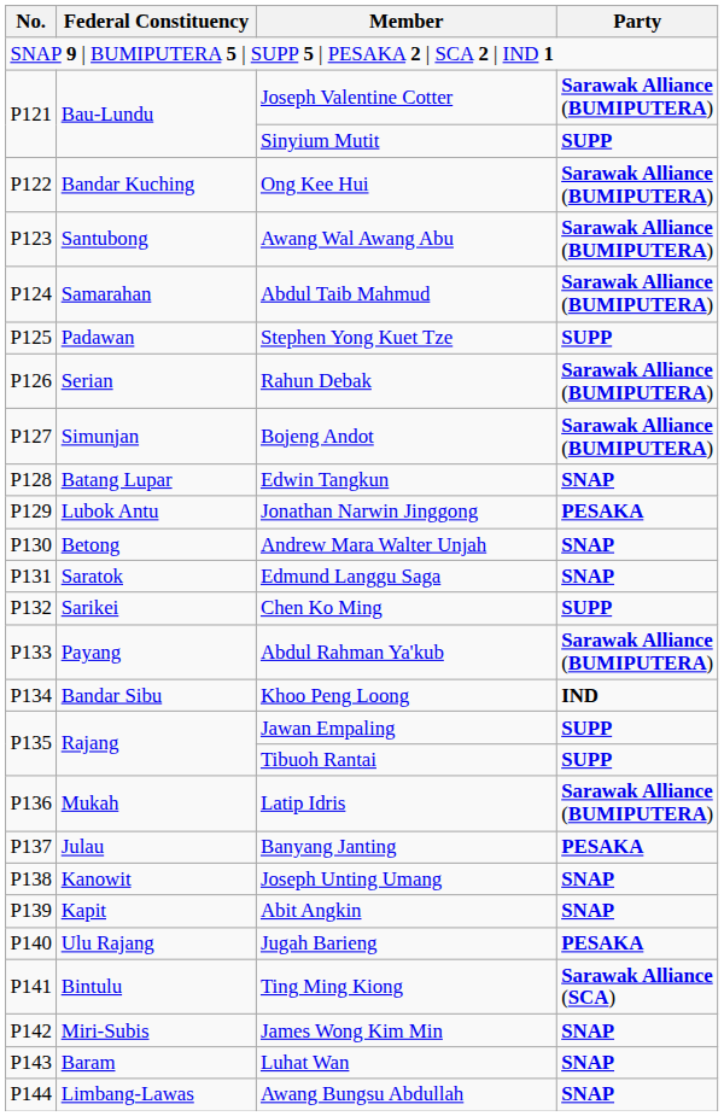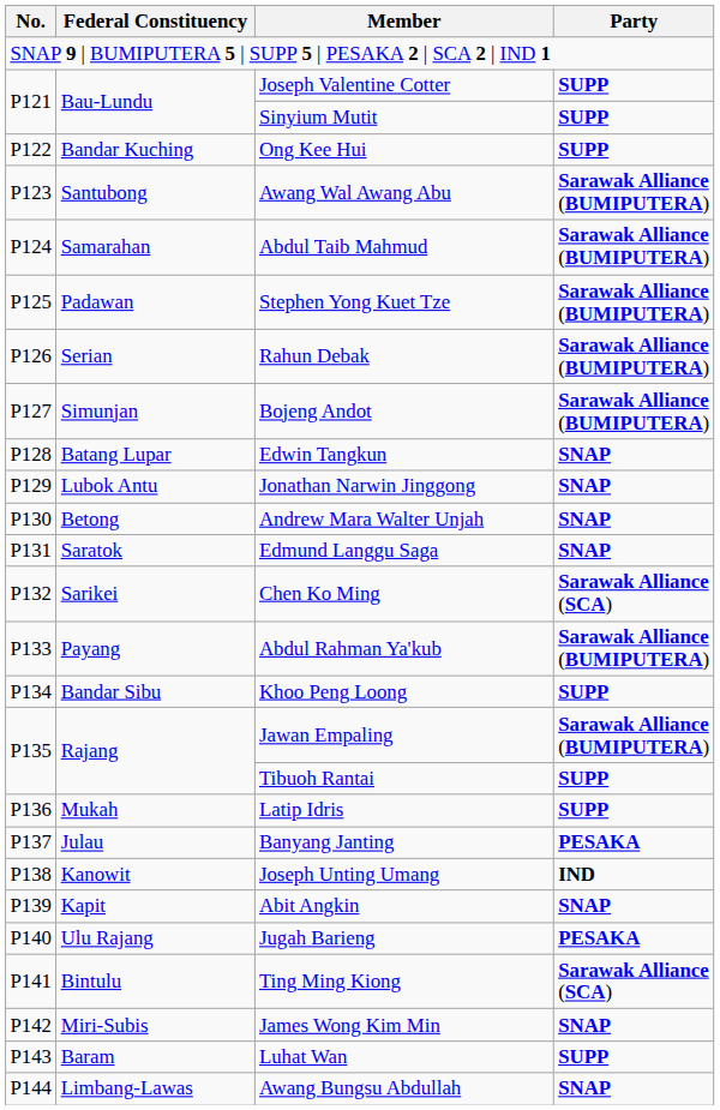 <table class="wikitable sortable">
 <tr>
 <th style="width:30px;">No.</th>
 <th style="width:150px;">Federal Constituency</th>
 <th style="width:230px;">Member</th>
 <th style="width:120px;">Party</th>
 </tr>
 <tr>
 <td colspan="4"><a href='#'>SNAP</a> <strong>9</strong> | <a href='#'>BUMIPUTERA</a> <strong>5</strong> | <a href='#'>SUPP</a> <strong>5</strong> | <a href='#'>PESAKA</a> <strong>2</strong> | <a href='#'>SCA</a> <strong>2</strong> | <a href='#'>IND</a> <strong>1</strong></td>
 </tr>
 <tr>
 <td rowspan=2>P121</td>
 <td rowspan=2><a href='#'>Bau-Lundu</a></td>
 <td><a href='#'>Joseph Valentine Cotter</a> </td>
-<td><strong><a href='#'>Sarawak Alliance</a></strong> (<strong><a href='#'>BUMIPUTERA</a></strong>)</td>
+<td><strong><a href='#'>SUPP</a></strong></td>
 </tr>
 <tr>
 <td><a href='#'>Sinyium Mutit</a> </td>
 <td><strong><a href='#'>SUPP</a></strong></td>
 </tr>
 <tr>
 <td>P122</td>
 <td><a href='#'>Bandar Kuching</a></td>
 <td><a href='#'>Ong Kee Hui</a></td>
-<td><strong><a href='#'>Sarawak Alliance</a></strong> (<strong><a href='#'>BUMIPUTERA</a></strong>)</td>
+<td><strong><a href='#'>SUPP</a></strong></td>
 </tr>
 <tr>
 <td>P123</td>
 <td><a href='#'>Santubong</a></td>
 <td><a href='#'>Awang Wal Awang Abu</a></td>
 <td><strong><a href='#'>Sarawak Alliance</a></strong> (<strong><a href='#'>BUMIPUTERA</a></strong>)</td>
 </tr>
 <tr>
 <td>P124</td>
 <td><a href='#'>Samarahan</a></td>
 <td><a href='#'>Abdul Taib Mahmud</a></td>
 <td><strong><a href='#'>Sarawak Alliance</a></strong> (<strong><a href='#'>BUMIPUTERA</a></strong>)</td>
 </tr>
 <tr>
 <td>P125</td>
 <td><a href='#'>Padawan</a></td>
 <td><a href='#'>Stephen Yong Kuet Tze</a></td>
-<td><strong><a href='#'>SUPP</a></strong></td>
+<td><strong><a href='#'>Sarawak Alliance</a></strong> (<strong><a href='#'>BUMIPUTERA</a></strong>)</td>
 </tr>
 <tr>
 <td>P126</td>
 <td><a href='#'>Serian</a></td>
 <td><a href='#'>Rahun Debak</a></td>
 <td><strong><a href='#'>Sarawak Alliance</a></strong> (<strong><a href='#'>BUMIPUTERA</a></strong>)</td>
 </tr>
 <tr>
 <td>P127</td>
 <td><a href='#'>Simunjan</a></td>
 <td><a href='#'>Bojeng Andot</a></td>
 <td><strong><a href='#'>Sarawak Alliance</a></strong> (<strong><a href='#'>BUMIPUTERA</a></strong>)</td>
 </tr>
 <tr>
 <td>P128</td>
 <td><a href='#'>Batang Lupar</a></td>
 <td><a href='#'>Edwin Tangkun</a></td>
 <td><strong><a href='#'>SNAP</a></strong></td>
 </tr>
 <tr>
 <td>P129</td>
 <td><a href='#'>Lubok Antu</a></td>
 <td><a href='#'>Jonathan Narwin Jinggong</a></td>
-<td><strong><a href='#'>PESAKA</a></strong></td>
+<td><strong><a href='#'>SNAP</a></strong></td>
 </tr>
 <tr>
 <td>P130</td>
 <td><a href='#'>Betong</a></td>
 <td><a href='#'>Andrew Mara Walter Unjah</a></td>
 <td><strong><a href='#'>SNAP</a></strong></td>
 </tr>
 <tr>
 <td>P131</td>
 <td><a href='#'>Saratok</a></td>
 <td><a href='#'>Edmund Langgu Saga</a></td>
 <td><strong><a href='#'>SNAP</a></strong></td>
 </tr>
 <tr>
 <td>P132</td>
 <td><a href='#'>Sarikei</a></td>
 <td><a href='#'>Chen Ko Ming</a></td>
-<td><strong><a href='#'>SUPP</a></strong></td>
+<td><strong><a href='#'>Sarawak Alliance</a></strong> (<strong><a href='#'>SCA</a></strong>)</td>
 </tr>
 <tr>
 <td>P133</td>
 <td><a href='#'>Payang</a></td>
 <td><a href='#'>Abdul Rahman Ya'kub</a></td>
 <td><strong><a href='#'>Sarawak Alliance</a></strong> (<strong><a href='#'>BUMIPUTERA</a></strong>)</td>
 </tr>
 <tr>
 <td>P134</td>
 <td><a href='#'>Bandar Sibu</a></td>
 <td><a href='#'>Khoo Peng Loong</a></td>
-<td><strong>IND</strong></td>
+<td><strong><a href='#'>SUPP</a></strong></td>
 </tr>
 <tr>
 <td rowspan=2>P135</td>
 <td rowspan=2><a href='#'>Rajang</a></td>
 <td><a href='#'>Jawan Empaling</a> </td>
-<td><strong><a href='#'>SUPP</a></strong></td>
+<td><strong><a href='#'>Sarawak Alliance</a></strong> (<strong><a href='#'>BUMIPUTERA</a></strong>)</td>
 </tr>
 <tr>
 <td><a href='#'>Tibuoh Rantai</a> </td>
 <td><strong><a href='#'>SUPP</a></strong></td>
 </tr>
 <tr>
 <td>P136</td>
 <td><a href='#'>Mukah</a></td>
 <td><a href='#'>Latip Idris</a></td>
-<td><strong><a href='#'>Sarawak Alliance</a></strong> (<strong><a href='#'>BUMIPUTERA</a></strong>)</td>
+<td><strong><a href='#'>SUPP</a></strong></td>
 </tr>
 <tr>
 <td>P137</td>
 <td><a href='#'>Julau</a></td>
 <td><a href='#'>Banyang Janting</a></td>
 <td><strong><a href='#'>PESAKA</a></strong></td>
 </tr>
 <tr>
 <td>P138</td>
 <td><a href='#'>Kanowit</a></td>
 <td><a href='#'>Joseph Unting Umang</a></td>
-<td><strong><a href='#'>SNAP</a></strong></td>
+<td><strong>IND</strong></td>
 </tr>
 <tr>
 <td>P139</td>
 <td><a href='#'>Kapit</a></td>
 <td><a href='#'>Abit Angkin</a></td>
 <td><strong><a href='#'>SNAP</a></strong></td>
 </tr>
 <tr>
 <td>P140</td>
 <td><a href='#'>Ulu Rajang</a></td>
 <td><a href='#'>Jugah Barieng</a></td>
 <td><strong><a href='#'>PESAKA</a></strong></td>
 </tr>
 <tr>
 <td>P141</td>
 <td><a href='#'>Bintulu</a></td>
 <td><a href='#'>Ting Ming Kiong</a></td>
 <td><strong><a href='#'>Sarawak Alliance</a></strong> (<strong><a href='#'>SCA</a></strong>)</td>
 </tr>
 <tr>
 <td>P142</td>
 <td><a href='#'>Miri-Subis</a></td>
 <td><a href='#'>James Wong Kim Min</a></td>
 <td><strong><a href='#'>SNAP</a></strong></td>
 </tr>
 <tr>
 <td>P143</td>
 <td><a href='#'>Baram</a></td>
 <td><a href='#'>Luhat Wan</a></td>
-<td><strong><a href='#'>SNAP</a></strong></td>
+<td><strong><a href='#'>SUPP</a></strong></td>
 </tr>
 <tr>
 <td>P144</td>
 <td><a href='#'>Limbang-Lawas</a></td>
 <td><a href='#'>Awang Bungsu Abdullah</a></td>
 <td><strong><a href='#'>SNAP</a></strong></td>
 </tr>
 </table>
